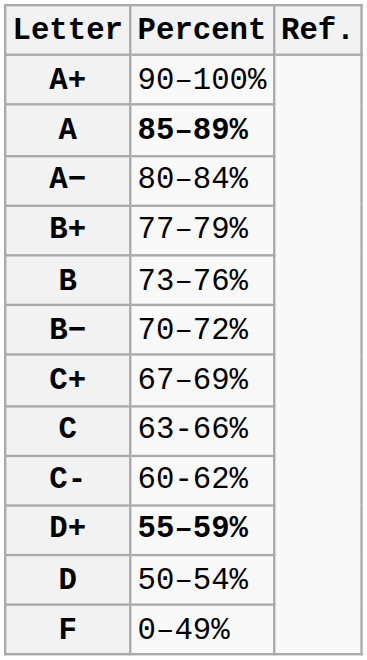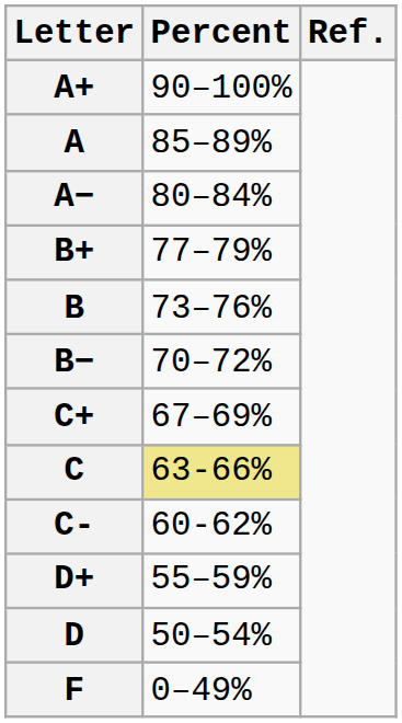 <table class="wikitable">
 <tr>
 <th>Letter</th>
 <th>Percent</th>
 <th>Ref.</th>
 </tr>
 <tr>
 <th>A+</th>
 <td>90–100%</td>
 <td rowspan="12"></td>
 </tr>
 <tr>
 <th>A</th>
-<td><strong>85–89%</strong></td>
+<td>85–89%</td>
 </tr>
 <tr>
 <th>A−</th>
 <td>80–84%</td>
 </tr>
 <tr>
 <th>B+</th>
 <td>77–79%</td>
 </tr>
 <tr>
 <th>B</th>
 <td>73–76%</td>
 </tr>
 <tr>
 <th>B−</th>
 <td>70–72%</td>
 </tr>
 <tr>
 <th>C+</th>
 <td>67–69%</td>
 </tr>
 <tr>
 <th>C</th>
-<td>63-66%</td>
+<td style="background: khaki;">63-66%</td>
 </tr>
 <tr>
 <th>C-</th>
 <td>60-62%</td>
 </tr>
 <tr>
 <th>D+</th>
-<td><strong>55–59%</strong></td>
+<td>55–59%</td>
 </tr>
 <tr>
 <th>D</th>
 <td>50–54%</td>
 </tr>
 <tr>
 <th>F</th>
 <td>0–49%</td>
 </tr>
 </table>
